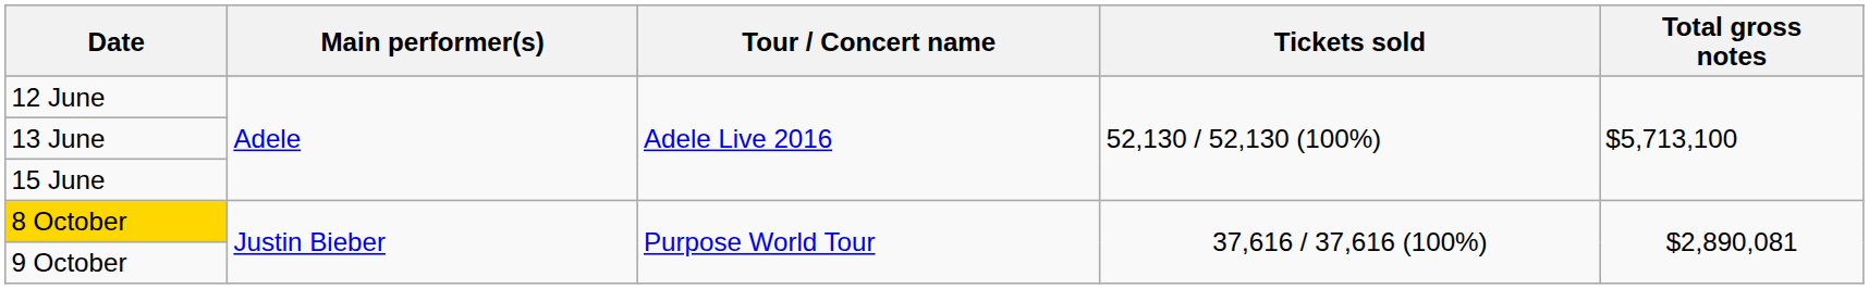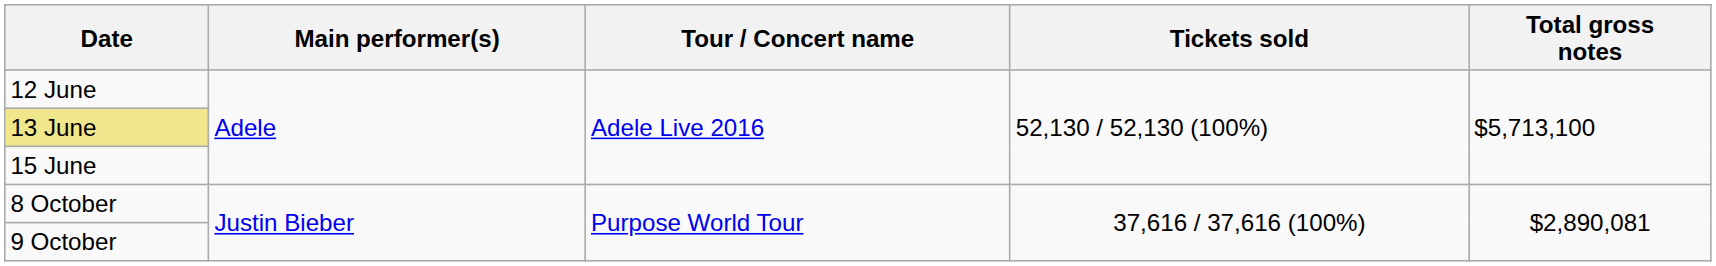 <table class="wikitable"  style="text-align:left; font-size:95%; width:85%;">
 <tr>
 <th style="text-align:center;">Date</th>
 <th style="text-align:center;">Main performer(s)</th>
 <th style="text-align:center;">Tour / Concert name</th>
 <th style="text-align:center;">Tickets sold</th>
 <th style="text-align:center;">Total gross<br>notes</th>
 </tr>
 <tr>
 <td>12 June</td>
 <td rowspan="3"><a href='#'>Adele</a></td>
 <td rowspan="3"><a href='#'>Adele Live 2016</a></td>
 <td rowspan="3">52,130 / 52,130 (100%)</td>
 <td rowspan="3">$5,713,100</td>
 </tr>
 <tr>
-<td>13 June</td>
+<td style="background: khaki;">13 June</td>
 </tr>
 <tr>
 <td>15 June</td>
 </tr>
 <tr>
-<td style="background: gold;">8 October</td>
+<td>8 October</td>
 <td rowspan="2"><a href='#'>Justin Bieber</a></td>
 <td rowspan="2"><a href='#'>Purpose World Tour</a></td>
 <td rowspan="2" style="text-align:center;">37,616 / 37,616 (100%)</td>
 <td rowspan="2" style="text-align:center;">$2,890,081</td>
 </tr>
 <tr>
 <td>9 October</td>
 </tr>
 </table>
